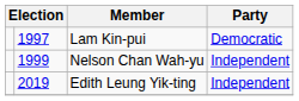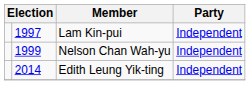 <table class="wikitable">
 <tr>
 <th colspan="2">Election</th>
 <th>Member</th>
 <th>Party</th>
 </tr>
 <tr>
 <td style="background-color:"></td>
 <td><a href='#'>1997</a></td>
 <td>Lam Kin-pui</td>
-<td><a href='#'>Democratic</a></td>
+<td><a href='#'>Independent</a></td>
 </tr>
 <tr>
 <td style="background-color:"></td>
 <td><a href='#'>1999</a></td>
 <td>Nelson Chan Wah-yu</td>
 <td><a href='#'>Independent</a></td>
 </tr>
 <tr>
 <td style="background-color:"></td>
-<td><a href='#'>2019</a></td>
+<td><a href='#'>2014</a></td>
 <td>Edith Leung Yik-ting</td>
 <td><a href='#'>Independent</a></td>
 </tr>
 <tr>
 </tr>
 </table>
